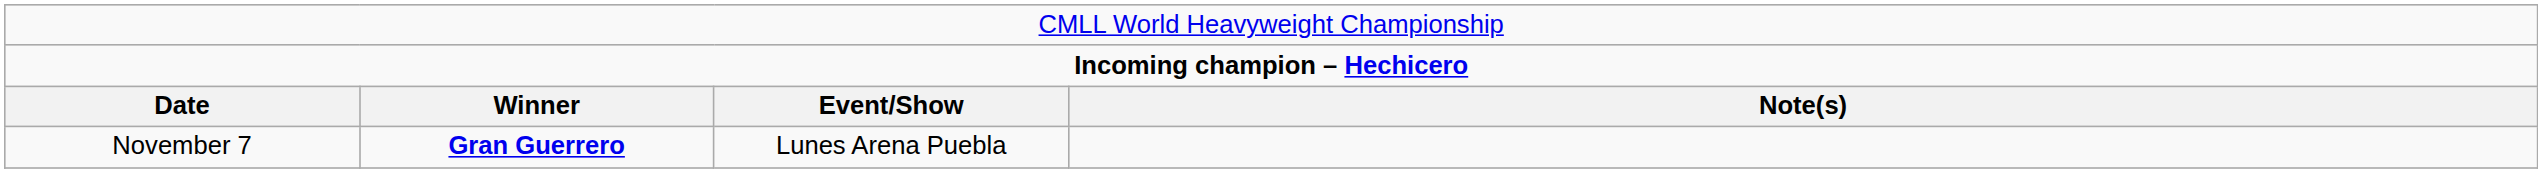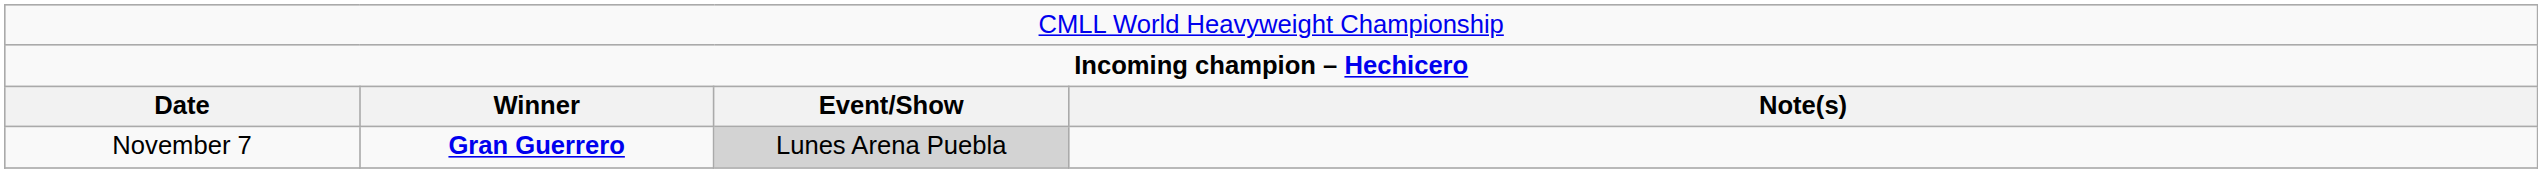 <table class="wikitable" style="text-align:center; width:100%;">
 <tr>
 <td colspan="4" style="text-align: center;"><a href='#'>CMLL World Heavyweight Championship</a></td>
 </tr>
 <tr>
 <td colspan="4" style="text-align: center;"><strong>Incoming champion – <a href='#'>Hechicero</a></strong></td>
 </tr>
 <tr>
 <th width=14%>Date</th>
 <th width=14%>Winner</th>
 <th width=14%>Event/Show</th>
 <th width=58%>Note(s)</th>
 </tr>
 <tr>
 <td>November 7</td>
 <td><strong><a href='#'>Gran Guerrero</a></strong></td>
-<td>Lunes Arena Puebla</td>
+<td style="background: lightgrey;">Lunes Arena Puebla</td>
 <td></td>
 </tr>
 </table>
